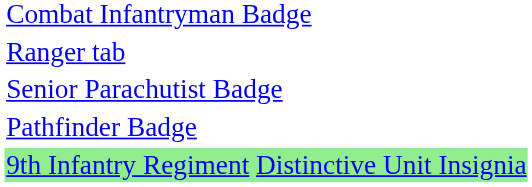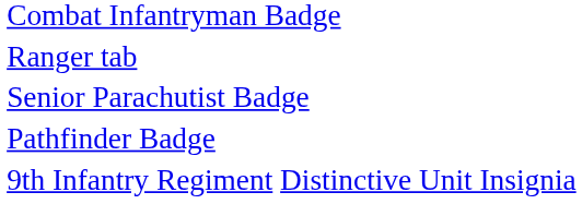 <table>
 <tr>
 <td> <a href='#'>Combat Infantryman Badge</a></td>
 </tr>
 <tr>
 <td> <a href='#'>Ranger tab</a></td>
 </tr>
 <tr>
 <td> <a href='#'>Senior Parachutist Badge</a></td>
 </tr>
 <tr>
 <td> <a href='#'>Pathfinder Badge</a></td>
 </tr>
 <tr>
-<td style="background: lightgreen;"> <a href='#'>9th Infantry Regiment</a> <a href='#'>Distinctive Unit Insignia</a></td>
+<td> <a href='#'>9th Infantry Regiment</a> <a href='#'>Distinctive Unit Insignia</a></td>
 </tr>
 </table>
